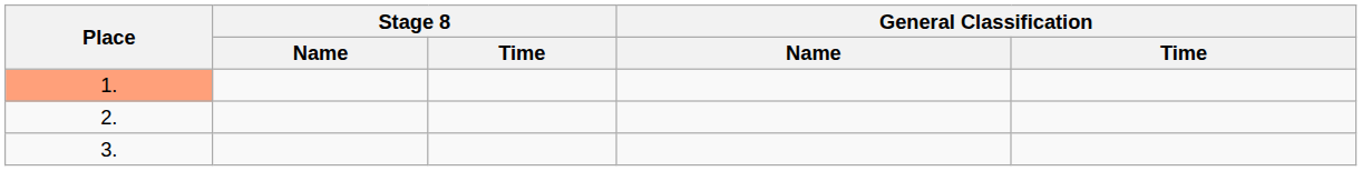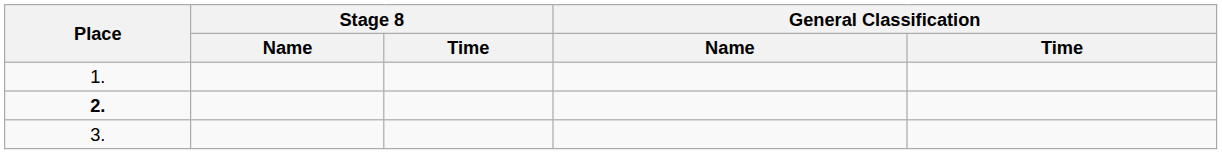 <table class="wikitable"  style="font-size:95%; width:80%;">
 <tr>
 <th rowspan="2">Place</th>
 <th colspan="2">Stage 8</th>
 <th colspan="2">General Classification</th>
 </tr>
 <tr>
 <th>Name</th>
 <th>Time</th>
 <th>Name</th>
 <th>Time</th>
 </tr>
 <tr>
-<td style="background: lightsalmon; text-align:center;">1.</td>
+<td style="text-align:center;">1.</td>
 <td></td>
 <td></td>
 <td></td>
 <td></td>
 </tr>
 <tr>
-<td style="text-align:center;">2.</td>
+<td style="text-align:center;"><strong>2.</strong></td>
 <td></td>
 <td></td>
 <td></td>
 <td></td>
 </tr>
 <tr>
 <td style="text-align:center;">3.</td>
 <td></td>
 <td></td>
 <td></td>
 <td></td>
 </tr>
 </table>
